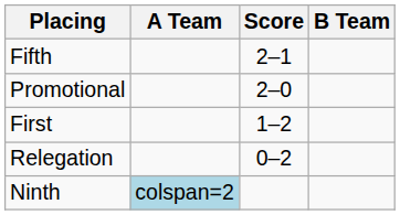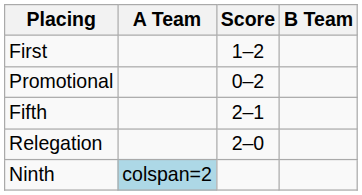 <table class=wikitable style="border:1px solid #AAAAAA;">
 <tr>
 <th>Placing</th>
 <th>A Team</th>
 <th>Score</th>
 <th>B Team</th>
 </tr>
 <tr>
+<td>First</td>
+<td></td>
+<td align="center">1–2</td>
+<td><strong></strong></td>
+</tr>
+<tr>
+<td>Promotional</td>
+<td><strong></strong></td>
+<td align="center">0–2</td>
+<td></td>
+</tr>
+<tr>
 <td>Fifth</td>
 <td><strong></strong></td>
 <td align="center">2–1</td>
 <td></td>
 </tr>
 <tr>
-<td>Promotional</td>
-<td><strong></strong></td>
-<td align="center">2–0</td>
-<td></td>
-</tr>
-<tr>
-<td>First</td>
-<td></td>
-<td align="center">1–2</td>
-<td><strong></strong></td>
-</tr>
-<tr>
 <td>Relegation</td>
 <td><em></em></td>
-<td align="center">0–2</td>
+<td align="center">2–0</td>
 <td><strong></strong></td>
 </tr>
 <tr>
 <td>Ninth</td>
 <td style="background: lightblue;">colspan=2 </td>
 <td><em></em></td>
 </tr>
 </table>
